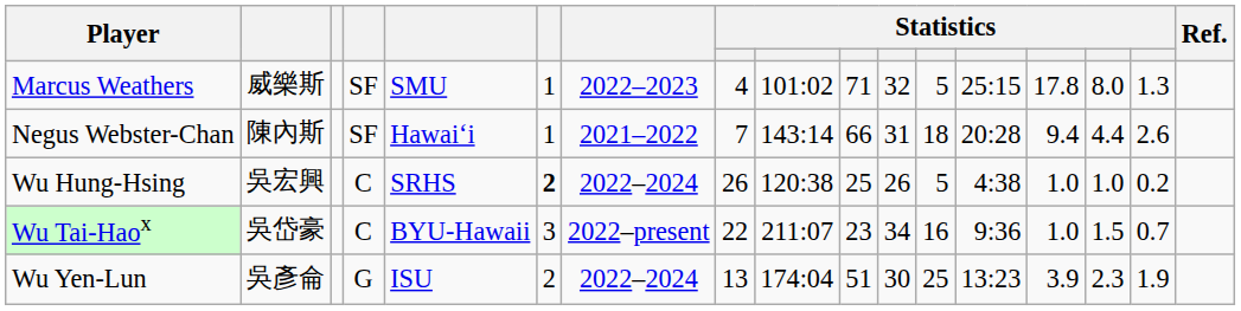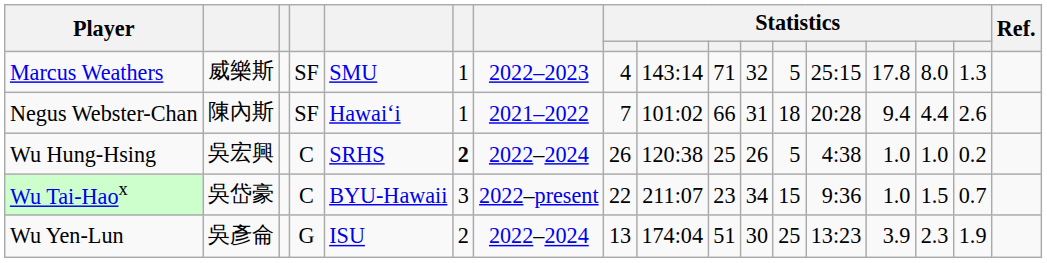 <table class="wikitable sortable" style="font-size:95%; text-align:right;">
 <tr>
 <th rowspan="2">Player</th>
 <th rowspan="2"></th>
 <th rowspan="2"></th>
 <th rowspan="2"></th>
 <th rowspan="2"></th>
 <th rowspan="2"></th>
 <th rowspan="2"></th>
 <th colspan="9">Statistics</th>
 <th rowspan="2">Ref.</th>
 </tr>
 <tr>
 <th></th>
 <th></th>
 <th></th>
 <th></th>
 <th></th>
 <th></th>
 <th></th>
 <th></th>
 <th></th>
 </tr>
 <tr>
 <td align="left"><a href='#'>Marcus Weathers</a></td>
 <td align="left">威樂斯</td>
 <td align="center"></td>
 <td align="center">SF</td>
 <td align="left"><a href='#'>SMU</a></td>
 <td align="center">1</td>
 <td align="center"><a href='#'>2022–2023</a></td>
 <td>4</td>
-<td>101:02</td>
+<td>143:14</td>
 <td>71</td>
 <td>32</td>
 <td>5</td>
 <td>25:15</td>
 <td>17.8</td>
 <td>8.0</td>
 <td>1.3</td>
 <td align="center"></td>
 </tr>
 <tr>
 <td align="left">Negus Webster-Chan</td>
 <td align="left">陳內斯</td>
 <td align="center"></td>
 <td align="center">SF</td>
 <td align="left"><a href='#'>Hawaiʻi</a></td>
 <td align="center">1</td>
 <td align="center"><a href='#'>2021–2022</a></td>
 <td>7</td>
-<td>143:14</td>
+<td>101:02</td>
 <td>66</td>
 <td>31</td>
 <td>18</td>
 <td>20:28</td>
 <td>9.4</td>
 <td>4.4</td>
 <td>2.6</td>
 <td align="center"></td>
 </tr>
 <tr>
 <td align="left">Wu Hung-Hsing</td>
 <td align="left">吳宏興</td>
 <td align="center"></td>
 <td align="center">C</td>
 <td align="left"><a href='#'>SRHS</a></td>
 <td align="center"><strong>2</strong></td>
 <td align="center"><a href='#'>2022</a>–<a href='#'>2024</a></td>
 <td>26</td>
 <td>120:38</td>
 <td>25</td>
 <td>26</td>
 <td>5</td>
 <td>4:38</td>
 <td>1.0</td>
 <td>1.0</td>
 <td>0.2</td>
 <td align="center"></td>
 </tr>
 <tr>
 <td align="left" bgcolor="#CCFFCC"><a href='#'>Wu Tai-Hao</a><sup>x</sup></td>
 <td align="left">吳岱豪</td>
 <td align="center"></td>
 <td align="center">C</td>
 <td align="left"><a href='#'>BYU-Hawaii</a></td>
 <td align="center">3</td>
 <td align="center"><a href='#'>2022</a>–<a href='#'>present</a></td>
 <td>22</td>
 <td>211:07</td>
 <td>23</td>
 <td>34</td>
-<td>16</td>
+<td>15</td>
 <td>9:36</td>
 <td>1.0</td>
 <td>1.5</td>
 <td>0.7</td>
 <td align="center"></td>
 </tr>
 <tr>
 <td align="left">Wu Yen-Lun</td>
 <td align="left">吳彥侖</td>
 <td align="center"></td>
 <td align="center">G</td>
 <td align="left"><a href='#'>ISU</a></td>
 <td align="center">2</td>
 <td align="center"><a href='#'>2022</a>–<a href='#'>2024</a></td>
 <td>13</td>
 <td>174:04</td>
 <td>51</td>
 <td>30</td>
 <td>25</td>
 <td>13:23</td>
 <td>3.9</td>
 <td>2.3</td>
 <td>1.9</td>
 <td align="center"></td>
 </tr>
 </table>
